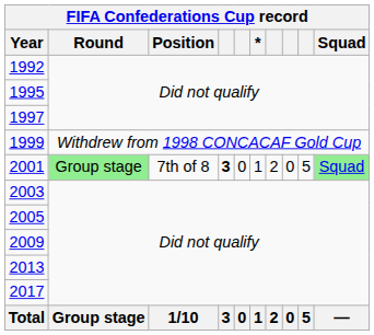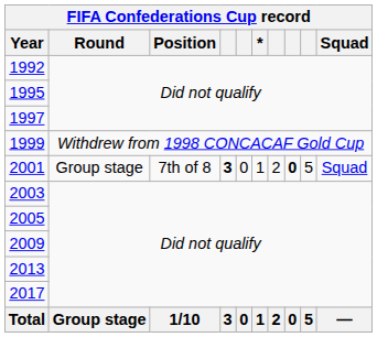 <table class="wikitable" style="text-align: center;">
 <tr>
 <th colspan="10"><a href='#'>FIFA Confederations Cup</a> record</th>
 </tr>
 <tr>
 <th>Year</th>
 <th>Round</th>
 <th>Position</th>
 <th></th>
 <th></th>
 <th>*</th>
 <th></th>
 <th></th>
 <th></th>
 <th>Squad</th>
 </tr>
 <tr>
 <td> <a href='#'>1992</a></td>
 <td rowspan="3" colspan="9"><em>Did not qualify</em></td>
 </tr>
 <tr>
 <td> <a href='#'>1995</a></td>
 </tr>
 <tr>
 <td> <a href='#'>1997</a></td>
 </tr>
 <tr>
 <td> <a href='#'>1999</a></td>
 <td colspan="9"><em>Withdrew from <a href='#'>1998 CONCACAF Gold Cup</a></em></td>
 </tr>
 <tr>
 <td>  <a href='#'>2001</a></td>
-<td style="background: lightgreen;">Group stage</td>
+<td>Group stage</td>
 <td>7th of 8</td>
 <td><strong>3</strong></td>
 <td>0</td>
 <td>1</td>
 <td>2</td>
-<td>0</td>
+<td><strong>0</strong></td>
 <td>5</td>
-<td style="background: lightgreen;"><a href='#'>Squad</a></td>
+<td><a href='#'>Squad</a></td>
 </tr>
 <tr>
 <td> <a href='#'>2003</a></td>
 <td rowspan="5" colspan="9"><em>Did not qualify</em></td>
 </tr>
 <tr>
 <td> <a href='#'>2005</a></td>
 </tr>
 <tr>
 <td> <a href='#'>2009</a></td>
 </tr>
 <tr>
 <td> <a href='#'>2013</a></td>
 </tr>
 <tr>
 <td> <a href='#'>2017</a></td>
 </tr>
 <tr>
 <th>Total</th>
 <th>Group stage</th>
 <th>1/10</th>
 <th>3</th>
 <th>0</th>
 <th>1</th>
 <th>2</th>
 <th>0</th>
 <th>5</th>
 <th>—</th>
 </tr>
 </table>
